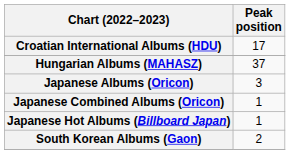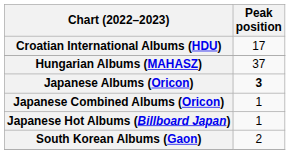 <table class="wikitable plainrowheaders sortable" style="text-align:center">
 <tr>
 <th scope="col">Chart (2022–2023)</th>
 <th scope="col">Peak<br>position</th>
 </tr>
 <tr>
 <th scope="row">Croatian International Albums (<a href='#'>HDU</a>)</th>
 <td>17</td>
 </tr>
 <tr>
 </tr>
 <tr>
 <th scope="row">Hungarian Albums (<a href='#'>MAHASZ</a>)</th>
 <td>37</td>
 </tr>
 <tr>
 <th scope="row">Japanese Albums (<a href='#'>Oricon</a>)</th>
-<td>3</td>
+<td><strong>3</strong></td>
 </tr>
 <tr>
 <th scope="row">Japanese Combined Albums (<a href='#'>Oricon</a>)</th>
 <td>1</td>
 </tr>
 <tr>
 <th scope="row">Japanese Hot Albums (<em><a href='#'>Billboard Japan</a></em>)</th>
 <td>1</td>
 </tr>
 <tr>
 <th scope="row">South Korean Albums (<a href='#'>Gaon</a>)</th>
 <td>2</td>
 </tr>
 <tr>
 </tr>
 </table>
